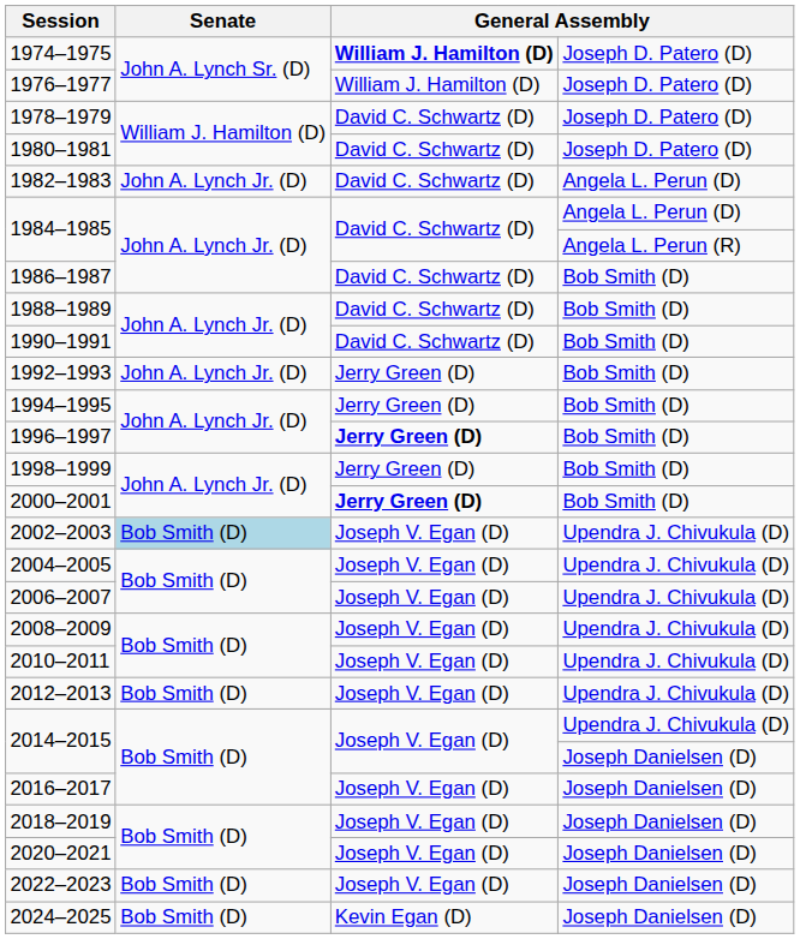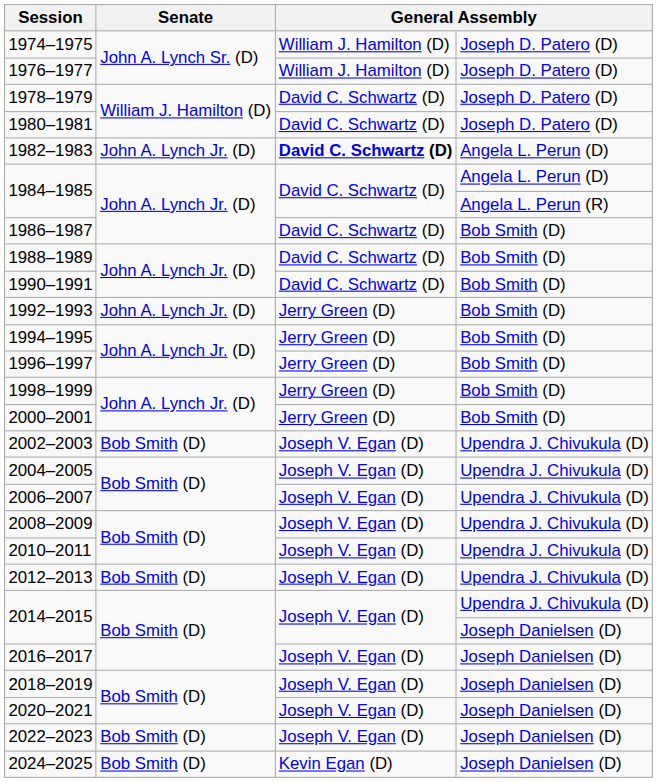 <table class="wikitable">
 <tr>
 <th>Session</th>
 <th>Senate</th>
 <th colspan=2>General Assembly</th>
 </tr>
 <tr>
 <td>1974–1975</td>
 <td rowspan=2 ><a href='#'>John A. Lynch Sr.</a> (D)</td>
-<td><strong><a href='#'>William J. Hamilton</a> (D)</strong></td>
+<td><a href='#'>William J. Hamilton</a> (D)</td>
 <td><a href='#'>Joseph D. Patero</a> (D)</td>
 </tr>
 <tr>
 <td>1976–1977</td>
 <td><a href='#'>William J. Hamilton</a> (D)</td>
 <td><a href='#'>Joseph D. Patero</a> (D)</td>
 </tr>
 <tr>
 <td>1978–1979</td>
 <td rowspan=2 ><a href='#'>William J. Hamilton</a> (D)</td>
 <td><a href='#'>David C. Schwartz</a> (D)</td>
 <td><a href='#'>Joseph D. Patero</a> (D)</td>
 </tr>
 <tr>
 <td>1980–1981</td>
 <td><a href='#'>David C. Schwartz</a> (D)</td>
 <td><a href='#'>Joseph D. Patero</a> (D)</td>
 </tr>
 <tr>
 <td>1982–1983</td>
 <td><a href='#'>John A. Lynch Jr.</a> (D)</td>
-<td><a href='#'>David C. Schwartz</a> (D)</td>
+<td><strong><a href='#'>David C. Schwartz</a> (D)</strong></td>
 <td><a href='#'>Angela L. Perun</a> (D)</td>
 </tr>
 <tr>
 <td rowspan=2>1984–1985</td>
 <td rowspan=3 ><a href='#'>John A. Lynch Jr.</a> (D)</td>
 <td rowspan=2 ><a href='#'>David C. Schwartz</a> (D)</td>
 <td><a href='#'>Angela L. Perun</a> (D)</td>
 </tr>
 <tr>
 <td><a href='#'>Angela L. Perun</a> (R)</td>
 </tr>
 <tr>
 <td>1986–1987</td>
 <td><a href='#'>David C. Schwartz</a> (D)</td>
 <td><a href='#'>Bob Smith</a> (D)</td>
 </tr>
 <tr>
 <td>1988–1989</td>
 <td !! ! rowspan=2 ><a href='#'>John A. Lynch Jr.</a> (D)</td>
 <td><a href='#'>David C. Schwartz</a> (D)</td>
 <td><a href='#'>Bob Smith</a> (D)</td>
 </tr>
 <tr>
 <td>1990–1991</td>
 <td><a href='#'>David C. Schwartz</a> (D)</td>
 <td><a href='#'>Bob Smith</a> (D)</td>
 </tr>
 <tr>
 <td>1992–1993</td>
 <td><a href='#'>John A. Lynch Jr.</a> (D)</td>
 <td><a href='#'>Jerry Green</a> (D)</td>
 <td><a href='#'>Bob Smith</a> (D)</td>
 </tr>
 <tr>
 <td>1994–1995</td>
 <td !! ! rowspan=2 ><a href='#'>John A. Lynch Jr.</a> (D)</td>
 <td><a href='#'>Jerry Green</a> (D)</td>
 <td><a href='#'>Bob Smith</a> (D)</td>
 </tr>
 <tr>
 <td>1996–1997</td>
-<td><strong><a href='#'>Jerry Green</a> (D)</strong></td>
+<td><a href='#'>Jerry Green</a> (D)</td>
 <td><a href='#'>Bob Smith</a> (D)</td>
 </tr>
 <tr>
 <td>1998–1999</td>
 <td !! ! rowspan=2 ><a href='#'>John A. Lynch Jr.</a> (D)</td>
 <td><a href='#'>Jerry Green</a> (D)</td>
 <td><a href='#'>Bob Smith</a> (D)</td>
 </tr>
 <tr>
 <td>2000–2001</td>
-<td><strong><a href='#'>Jerry Green</a> (D)</strong></td>
+<td><a href='#'>Jerry Green</a> (D)</td>
 <td><a href='#'>Bob Smith</a> (D)</td>
 </tr>
 <tr>
 <td>2002–2003</td>
-<td style="background: lightblue;"><a href='#'>Bob Smith</a> (D)</td>
+<td><a href='#'>Bob Smith</a> (D)</td>
 <td><a href='#'>Joseph V. Egan</a> (D)</td>
 <td><a href='#'>Upendra J. Chivukula</a> (D)</td>
 </tr>
 <tr>
 <td>2004–2005</td>
 <td !! ! rowspan=2 ><a href='#'>Bob Smith</a> (D)</td>
 <td><a href='#'>Joseph V. Egan</a> (D)</td>
 <td><a href='#'>Upendra J. Chivukula</a> (D)</td>
 </tr>
 <tr>
 <td>2006–2007</td>
 <td><a href='#'>Joseph V. Egan</a> (D)</td>
 <td><a href='#'>Upendra J. Chivukula</a> (D)</td>
 </tr>
 <tr>
 <td>2008–2009</td>
 <td !! ! rowspan=2 ><a href='#'>Bob Smith</a> (D)</td>
 <td><a href='#'>Joseph V. Egan</a> (D)</td>
 <td><a href='#'>Upendra J. Chivukula</a> (D)</td>
 </tr>
 <tr>
 <td>2010–2011</td>
 <td><a href='#'>Joseph V. Egan</a> (D)</td>
 <td><a href='#'>Upendra J. Chivukula</a> (D)</td>
 </tr>
 <tr>
 <td>2012–2013</td>
 <td !! ><a href='#'>Bob Smith</a> (D)</td>
 <td><a href='#'>Joseph V. Egan</a> (D)</td>
 <td><a href='#'>Upendra J. Chivukula</a> (D)</td>
 </tr>
 <tr>
 <td rowspan=2>2014–2015</td>
 <td rowspan=3 ><a href='#'>Bob Smith</a> (D)</td>
 <td rowspan=2 ><a href='#'>Joseph V. Egan</a> (D)</td>
 <td><a href='#'>Upendra J. Chivukula</a> (D)</td>
 </tr>
 <tr>
 <td><a href='#'>Joseph Danielsen</a> (D)</td>
 </tr>
 <tr>
 <td>2016–2017</td>
 <td><a href='#'>Joseph V. Egan</a> (D)</td>
 <td><a href='#'>Joseph Danielsen</a> (D)</td>
 </tr>
 <tr>
 <td>2018–2019</td>
 <td rowspan=2 ><a href='#'>Bob Smith</a> (D)</td>
 <td><a href='#'>Joseph V. Egan</a> (D)</td>
 <td><a href='#'>Joseph Danielsen</a> (D)</td>
 </tr>
 <tr>
 <td>2020–2021</td>
 <td><a href='#'>Joseph V. Egan</a> (D)</td>
 <td><a href='#'>Joseph Danielsen</a> (D)</td>
 </tr>
 <tr>
 <td>2022–2023</td>
 <td><a href='#'>Bob Smith</a> (D)</td>
 <td><a href='#'>Joseph V. Egan</a> (D)</td>
 <td><a href='#'>Joseph Danielsen</a> (D)</td>
 </tr>
 <tr>
 <td>2024–2025</td>
 <td><a href='#'>Bob Smith</a> (D)</td>
 <td><a href='#'>Kevin Egan</a> (D)</td>
 <td><a href='#'>Joseph Danielsen</a> (D)</td>
 </tr>
 </table>
